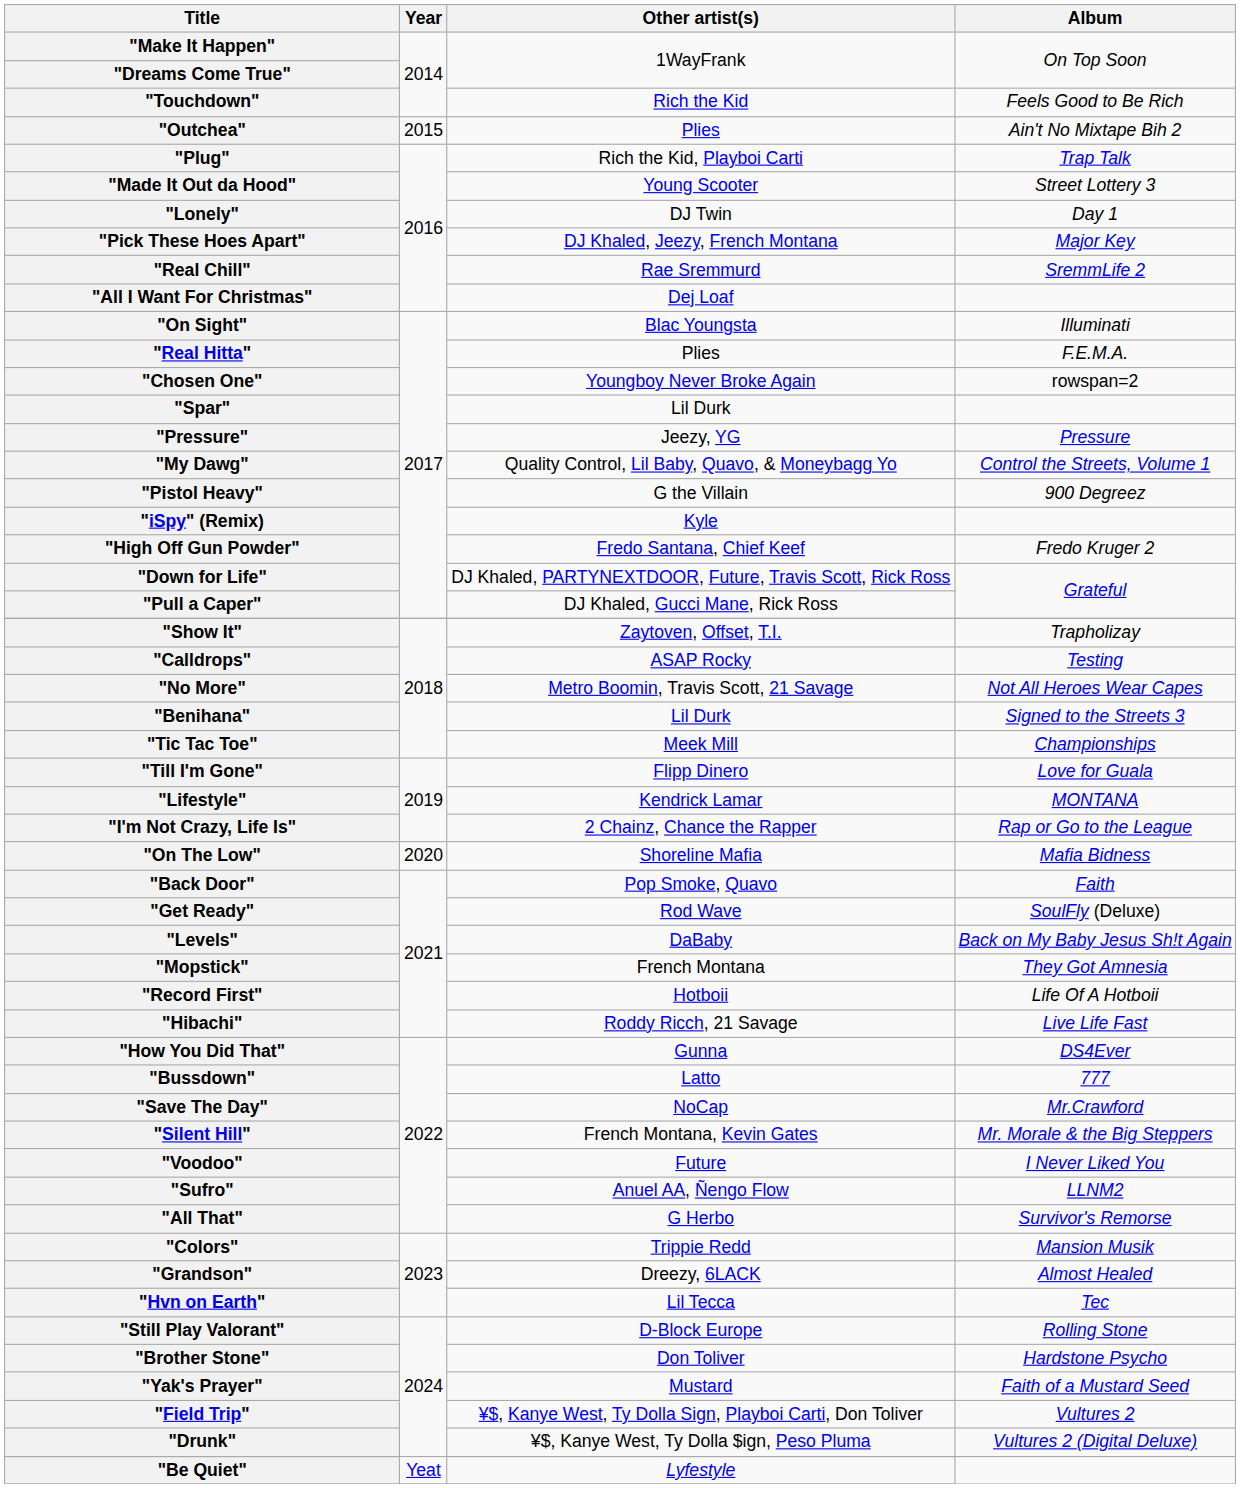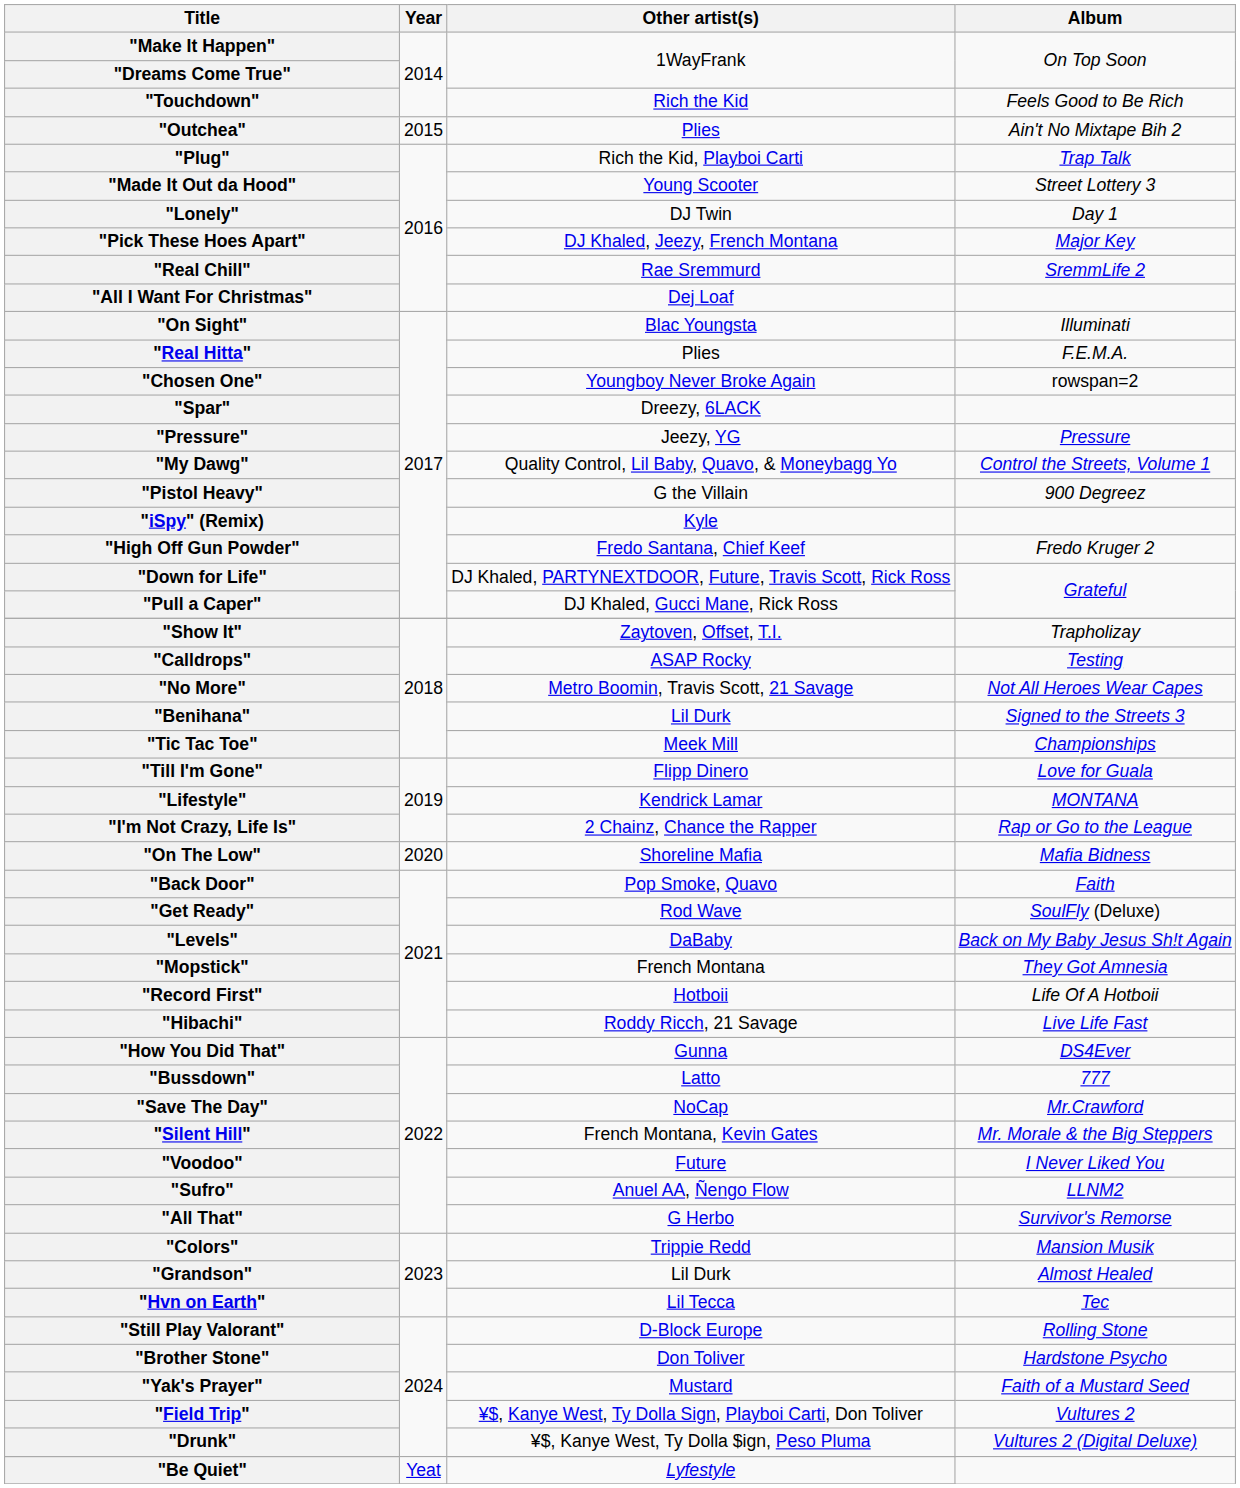 <table class="wikitable plainrowheaders" style="text-align:center;">
 <tr>
 <th scope="col" style="width:22em;">Title</th>
 <th scope="col">Year</th>
 <th scope="col">Other artist(s)</th>
 <th scope="col">Album</th>
 </tr>
 <tr>
 <th scope="row">"Make It Happen"</th>
 <td rowspan="3">2014</td>
 <td rowspan="2">1WayFrank</td>
 <td rowspan="2"><em>On Top Soon</em></td>
 </tr>
 <tr>
 <th scope="row">"Dreams Come True"</th>
 </tr>
 <tr>
 <th scope="row">"Touchdown"</th>
 <td><a href='#'>Rich the Kid</a></td>
 <td><em>Feels Good to Be Rich</em></td>
 </tr>
 <tr>
 <th scope="row">"Outchea"</th>
 <td>2015</td>
 <td><a href='#'>Plies</a></td>
 <td><em>Ain't No Mixtape Bih 2</em></td>
 </tr>
 <tr>
 <th scope="row">"Plug"</th>
 <td rowspan="6">2016</td>
 <td>Rich the Kid, <a href='#'>Playboi Carti</a></td>
 <td><em><a href='#'>Trap Talk</a></em></td>
 </tr>
 <tr>
 <th scope="row">"Made It Out da Hood"</th>
 <td><a href='#'>Young Scooter</a></td>
 <td><em>Street Lottery 3</em></td>
 </tr>
 <tr>
 <th scope="row">"Lonely"</th>
 <td>DJ Twin</td>
 <td><em>Day 1</em></td>
 </tr>
 <tr>
 <th scope="row">"Pick These Hoes Apart"</th>
 <td><a href='#'>DJ Khaled</a>, <a href='#'>Jeezy</a>, <a href='#'>French Montana</a></td>
 <td><em><a href='#'>Major Key</a></em></td>
 </tr>
 <tr>
 <th scope="row">"Real Chill"</th>
 <td><a href='#'>Rae Sremmurd</a></td>
 <td><em><a href='#'>SremmLife 2</a></em></td>
 </tr>
 <tr>
 <th scope="row">"All I Want For Christmas"</th>
 <td><a href='#'>Dej Loaf</a></td>
 <td></td>
 </tr>
 <tr>
 <th scope="row">"On Sight"</th>
 <td rowspan="11">2017</td>
 <td><a href='#'>Blac Youngsta</a></td>
 <td><em>Illuminati</em></td>
 </tr>
 <tr>
 <th scope="row">"<a href='#'>Real Hitta</a>"</th>
 <td>Plies</td>
 <td><em>F.E.M.A.</em></td>
 </tr>
 <tr>
 <th scope="row">"Chosen One"</th>
 <td><a href='#'>Youngboy Never Broke Again</a></td>
 <td>rowspan=2 </td>
 </tr>
 <tr>
 <th scope="row">"Spar"</th>
-<td>Lil Durk</td>
+<td>Dreezy, <a href='#'>6LACK</a></td>
 </tr>
 <tr>
 <th scope="row">"Pressure"</th>
 <td>Jeezy, <a href='#'>YG</a></td>
 <td><em><a href='#'>Pressure</a></em></td>
 </tr>
 <tr>
 <th scope="row">"My Dawg"</th>
 <td>Quality Control, <a href='#'>Lil Baby</a>, <a href='#'>Quavo</a>, & <a href='#'>Moneybagg Yo</a></td>
 <td><em><a href='#'>Control the Streets, Volume 1</a></em></td>
 </tr>
 <tr>
 <th scope="row">"Pistol Heavy"</th>
 <td>G the Villain</td>
 <td><em>900 Degreez</em></td>
 </tr>
 <tr>
 <th scope="row">"<a href='#'>iSpy</a>" (Remix)</th>
 <td><a href='#'>Kyle</a></td>
 <td></td>
 </tr>
 <tr>
 <th scope="row">"High Off Gun Powder"</th>
 <td><a href='#'>Fredo Santana</a>, <a href='#'>Chief Keef</a></td>
 <td><em>Fredo Kruger 2</em></td>
 </tr>
 <tr>
 <th scope="row">"Down for Life"</th>
 <td>DJ Khaled, <a href='#'>PARTYNEXTDOOR</a>, <a href='#'>Future</a>, <a href='#'>Travis Scott</a>, <a href='#'>Rick Ross</a></td>
 <td rowspan="2"><em><a href='#'>Grateful</a></em></td>
 </tr>
 <tr>
 <th scope="row">"Pull a Caper"</th>
 <td>DJ Khaled, <a href='#'>Gucci Mane</a>, Rick Ross</td>
 </tr>
 <tr>
 </tr>
 <tr>
 <th scope="row">"Show It"</th>
 <td rowspan="5">2018</td>
 <td><a href='#'>Zaytoven</a>, <a href='#'>Offset</a>, <a href='#'>T.I.</a></td>
 <td><em>Trapholizay</em></td>
 </tr>
 <tr>
 <th scope="row">"Calldrops"</th>
 <td><a href='#'>ASAP Rocky</a></td>
 <td><em><a href='#'>Testing</a></em></td>
 </tr>
 <tr>
 <th scope="row">"No More"</th>
 <td><a href='#'>Metro Boomin</a>, Travis Scott, <a href='#'>21 Savage</a></td>
 <td><em><a href='#'>Not All Heroes Wear Capes</a></em></td>
 </tr>
 <tr>
 <th scope="row">"Benihana"</th>
 <td><a href='#'>Lil Durk</a></td>
 <td><em><a href='#'>Signed to the Streets 3</a></em></td>
 </tr>
 <tr>
 <th scope="row">"Tic Tac Toe"</th>
 <td><a href='#'>Meek Mill</a></td>
 <td><em><a href='#'>Championships</a></em></td>
 </tr>
 <tr>
 <th scope="row">"Till I'm Gone"</th>
 <td rowspan="3">2019</td>
 <td><a href='#'>Flipp Dinero</a></td>
 <td><em><a href='#'>Love for Guala</a></em></td>
 </tr>
 <tr>
 <th scope="row">"Lifestyle"</th>
 <td><a href='#'>Kendrick Lamar</a></td>
 <td><em><a href='#'>MONTANA</a></em></td>
 </tr>
 <tr>
 <th scope="row">"I'm Not Crazy, Life Is"</th>
 <td><a href='#'>2 Chainz</a>, <a href='#'>Chance the Rapper</a></td>
 <td><em><a href='#'>Rap or Go to the League</a></em></td>
 </tr>
 <tr>
 <th scope="row">"On The Low"</th>
 <td>2020</td>
 <td><a href='#'>Shoreline Mafia</a></td>
 <td><em><a href='#'>Mafia Bidness</a></em></td>
 </tr>
 <tr>
 <th scope="row">"Back Door"</th>
 <td rowspan="6">2021</td>
 <td><a href='#'>Pop Smoke</a>, <a href='#'>Quavo</a></td>
 <td><em><a href='#'>Faith</a></em></td>
 </tr>
 <tr>
 <th scope="row">"Get Ready"</th>
 <td><a href='#'>Rod Wave</a></td>
 <td><em><a href='#'>SoulFly</a></em> (Deluxe)</td>
 </tr>
 <tr>
 <th scope="row">"Levels"</th>
 <td><a href='#'>DaBaby</a></td>
 <td><em><a href='#'>Back on My Baby Jesus Sh!t Again</a></em></td>
 </tr>
 <tr>
 <th scope="row">"Mopstick"</th>
 <td>French Montana</td>
 <td><em><a href='#'>They Got Amnesia</a></em></td>
 </tr>
 <tr>
 <th scope="row">"Record First"</th>
 <td><a href='#'>Hotboii</a></td>
 <td><em>Life Of A Hotboii</em></td>
 </tr>
 <tr>
 <th scope="row">"Hibachi"</th>
 <td><a href='#'>Roddy Ricch</a>, 21 Savage</td>
 <td><em><a href='#'>Live Life Fast</a></em></td>
 </tr>
 <tr>
 <th scope="row">"How You Did That"</th>
 <td rowspan="7">2022</td>
 <td><a href='#'>Gunna</a></td>
 <td><em><a href='#'>DS4Ever</a></em></td>
 </tr>
 <tr>
 <th scope="row">"Bussdown"</th>
 <td><a href='#'>Latto</a></td>
 <td><em><a href='#'>777</a></em></td>
 </tr>
 <tr>
 <th scope="row">"Save The Day"</th>
 <td><a href='#'>NoCap</a></td>
 <td><em><a href='#'>Mr.Crawford</a></em></td>
 </tr>
 <tr>
 <th scope="row">"<a href='#'>Silent Hill</a>"</th>
 <td>French Montana, <a href='#'>Kevin Gates</a></td>
 <td><em><a href='#'>Mr. Morale & the Big Steppers</a></em></td>
 </tr>
 <tr>
 <th scope="row">"Voodoo"</th>
 <td><a href='#'>Future</a></td>
 <td><em><a href='#'>I Never Liked You</a></em></td>
 </tr>
 <tr>
 <th scope="row">"Sufro"</th>
 <td><a href='#'>Anuel AA</a>, <a href='#'>Ñengo Flow</a></td>
 <td><em><a href='#'>LLNM2</a></em></td>
 </tr>
 <tr>
 <th scope="row">"All That"</th>
 <td><a href='#'>G Herbo</a></td>
 <td><em><a href='#'>Survivor's Remorse</a></em></td>
 </tr>
 <tr>
 <th scope="row">"Colors"</th>
 <td rowspan="3">2023</td>
 <td><a href='#'>Trippie Redd</a></td>
 <td><em><a href='#'>Mansion Musik</a></em></td>
 </tr>
 <tr>
 <th scope="row">"Grandson"</th>
-<td>Dreezy, <a href='#'>6LACK</a></td>
+<td>Lil Durk</td>
 <td><em><a href='#'>Almost Healed</a></em></td>
 </tr>
 <tr>
 <th scope="row">"<a href='#'>Hvn on Earth</a>"</th>
 <td><a href='#'>Lil Tecca</a></td>
 <td><em><a href='#'>Tec</a></em></td>
 </tr>
 <tr>
 <th scope="row">"Still Play Valorant"</th>
 <td rowspan="6">2024</td>
 <td><a href='#'>D-Block Europe</a></td>
 <td><em><a href='#'>Rolling Stone</a></em></td>
 </tr>
 <tr>
 <th scope="row">"Brother Stone"</th>
 <td><a href='#'>Don Toliver</a></td>
 <td><em><a href='#'>Hardstone Psycho</a></em></td>
 </tr>
 <tr>
 <th scope="row">"Yak's Prayer"</th>
 <td><a href='#'>Mustard</a></td>
 <td><em><a href='#'>Faith of a Mustard Seed</a></em></td>
 </tr>
 <tr>
 <th scope="row">"<a href='#'>Field Trip</a>"</th>
 <td><a href='#'>¥$</a>, <a href='#'>Kanye West</a>, <a href='#'>Ty Dolla Sign</a>, <a href='#'>Playboi Carti</a>, Don Toliver</td>
 <td><em><a href='#'>Vultures 2</a></em></td>
 </tr>
 <tr>
 <th scope="row">"Drunk"</th>
 <td>¥$, Kanye West, Ty Dolla $ign, <a href='#'>Peso Pluma</a></td>
 <td><em><a href='#'>Vultures 2 (Digital Deluxe)</a></em></td>
 </tr>
 <tr>
 </tr>
 <tr>
 <th scope="row">"Be Quiet"</th>
 <td><a href='#'>Yeat</a></td>
 <td><em><a href='#'>Lyfestyle</a></em></td>
 </tr>
 <tr>
 </tr>
 </table>
